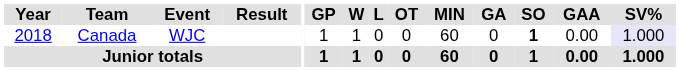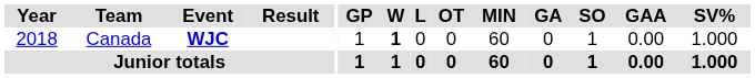 <table border="0" cellpadding="1" cellspacing="0" ID="Table3" style="text-align:center; width:40em">
 <tr ALIGN="center" bgcolor="#e0e0e0">
 <th>Year</th>
 <th>Team</th>
 <th>Event</th>
 <th>Result</th>
 <th rowspan="99" bgcolor="#ffffff"></th>
 <th>GP</th>
 <th>W</th>
 <th>L</th>
 <th>OT</th>
 <th>MIN</th>
 <th>GA</th>
 <th>SO</th>
 <th>GAA</th>
 <th>SV%</th>
 </tr>
 <tr ALIGN="center">
 <td><a href='#'>2018</a></td>
 <td><a href='#'>Canada</a></td>
-<td><a href='#'>WJC</a></td>
+<td><strong><a href='#'>WJC</a></strong></td>
 <td></td>
 <td>1</td>
-<td>1</td>
+<td><strong>1</strong></td>
 <td>0</td>
 <td>0</td>
 <td>60</td>
 <td>0</td>
-<td><strong>1</strong></td>
+<td>1</td>
 <td>0.00</td>
-<td style="background: lavender;">1.000</td>
+<td>1.000</td>
 </tr>
 <tr ALIGN="center" bgcolor="#e0e0e0">
 <th colspan=4>Junior totals</th>
 <th>1</th>
 <th>1</th>
 <th>0</th>
 <th>0</th>
 <th>60</th>
 <th>0</th>
 <th>1</th>
 <th>0.00</th>
 <th>1.000</th>
 </tr>
 </table>
